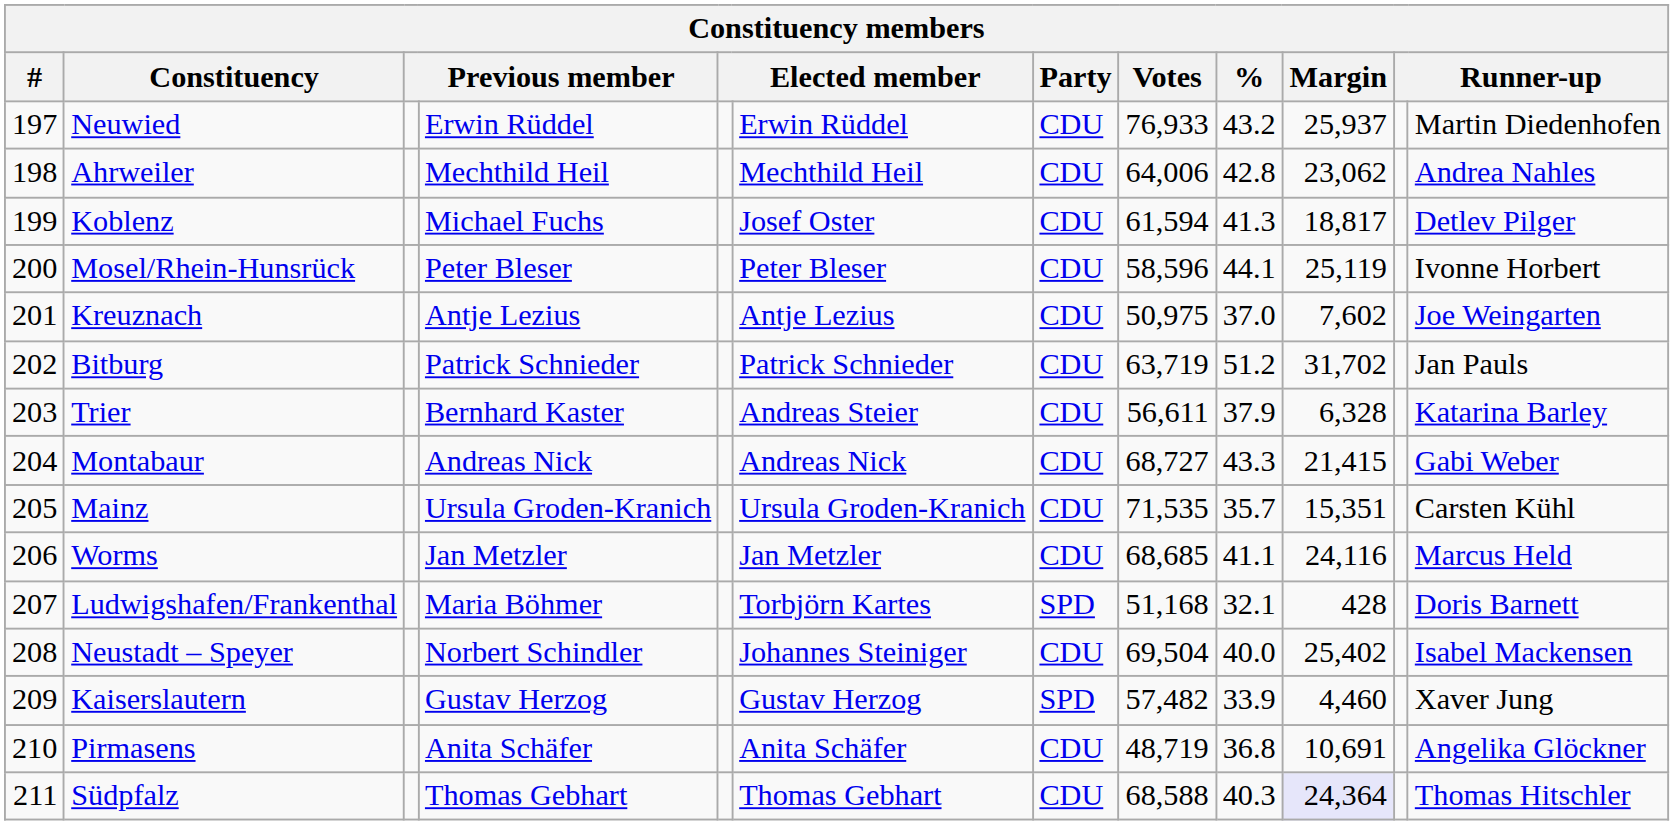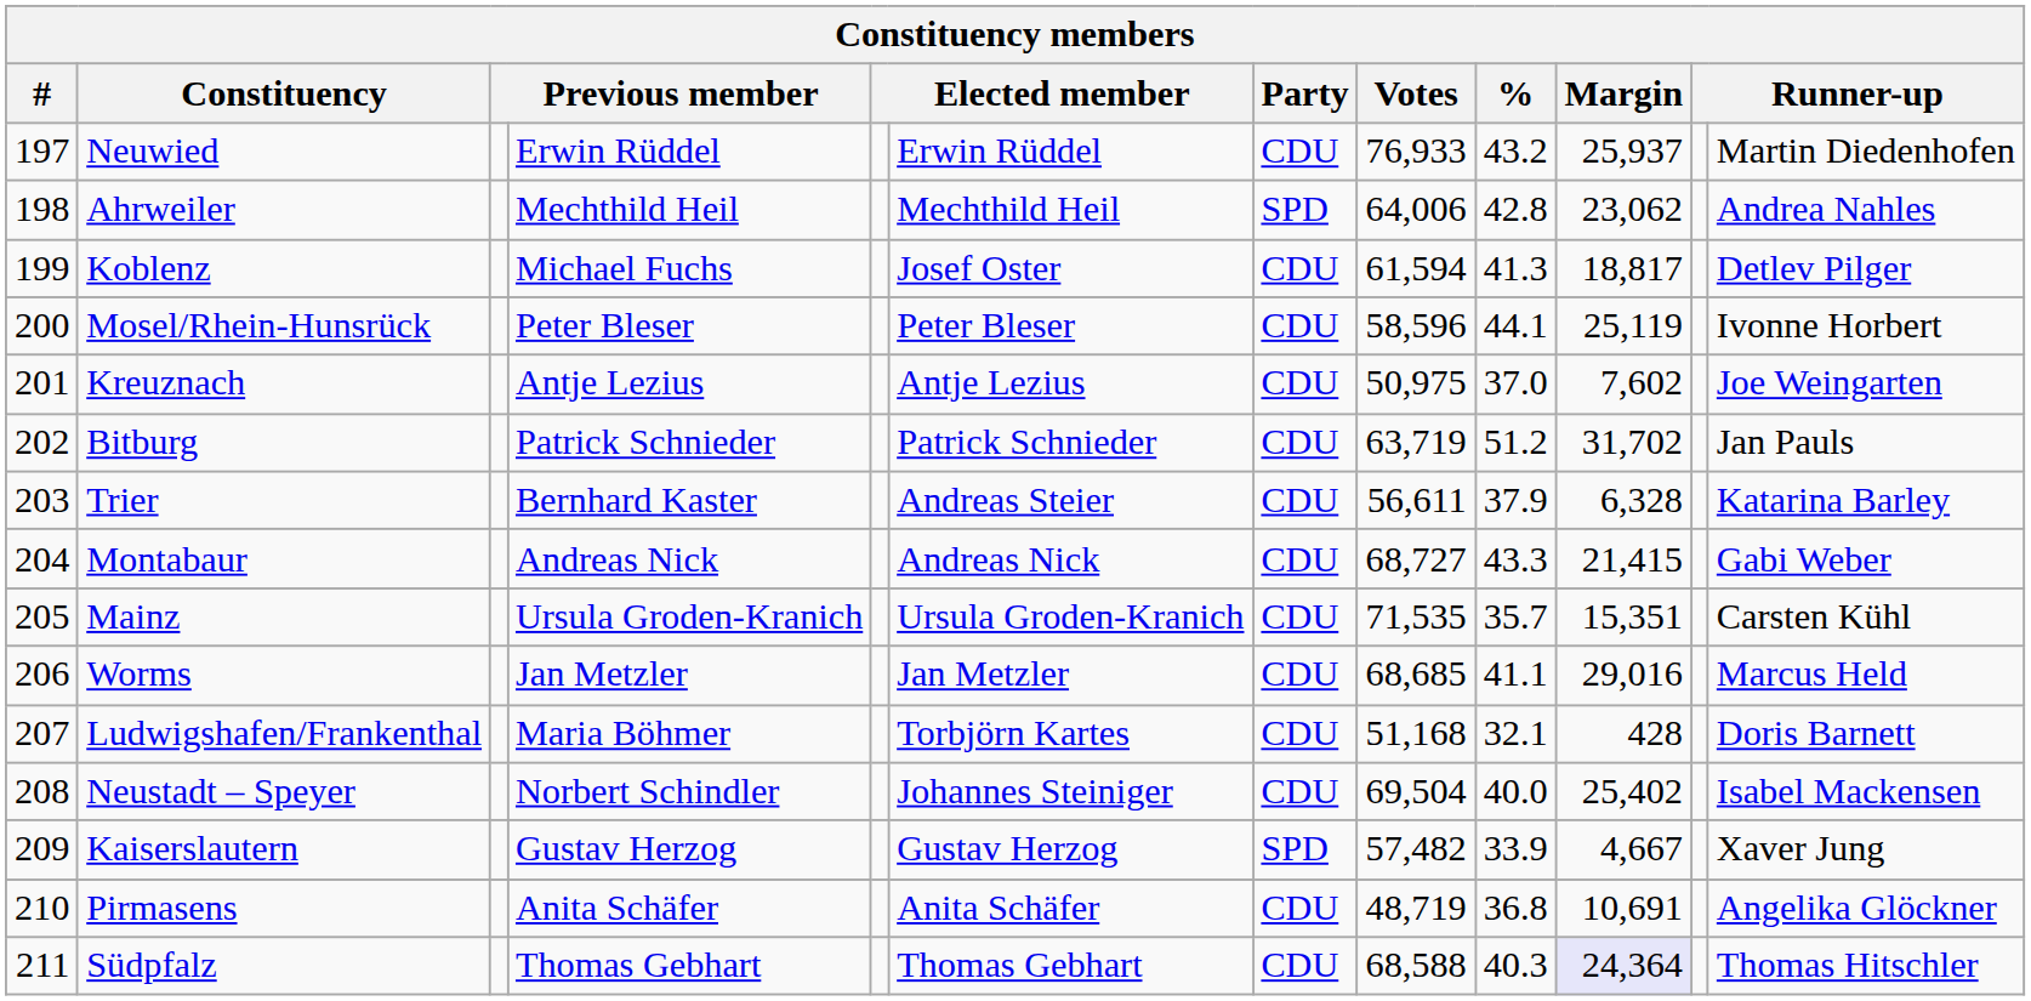 <table class="wikitable sortable" style="text-align:right">
 <tr>
 <th colspan="12">Constituency members</th>
 </tr>
 <tr>
 <th>#</th>
 <th>Constituency</th>
 <th colspan="2">Previous member</th>
 <th colspan="2">Elected member</th>
 <th>Party</th>
 <th>Votes</th>
 <th>%</th>
 <th>Margin</th>
 <th colspan="2">Runner-up</th>
 </tr>
 <tr>
 <td>197</td>
 <td align=left><a href='#'>Neuwied</a></td>
 <td bgcolor=></td>
 <td align=left><a href='#'>Erwin Rüddel</a></td>
 <td bgcolor=></td>
 <td align=left><a href='#'>Erwin Rüddel</a></td>
 <td align=left><a href='#'>CDU</a></td>
 <td>76,933</td>
 <td>43.2</td>
 <td>25,937</td>
 <td bgcolor=></td>
 <td align=left>Martin Diedenhofen</td>
 </tr>
 <tr>
 <td>198</td>
 <td align=left><a href='#'>Ahrweiler</a></td>
 <td bgcolor=></td>
 <td align=left><a href='#'>Mechthild Heil</a></td>
 <td bgcolor=></td>
 <td align=left><a href='#'>Mechthild Heil</a></td>
-<td align=left><a href='#'>CDU</a></td>
+<td align=left><a href='#'>SPD</a></td>
 <td>64,006</td>
 <td>42.8</td>
 <td>23,062</td>
 <td bgcolor=></td>
 <td align=left><a href='#'>Andrea Nahles</a></td>
 </tr>
 <tr>
 <td>199</td>
 <td align=left><a href='#'>Koblenz</a></td>
 <td bgcolor=></td>
 <td align=left><a href='#'>Michael Fuchs</a></td>
 <td bgcolor=></td>
 <td align=left><a href='#'>Josef Oster</a></td>
 <td align=left><a href='#'>CDU</a></td>
 <td>61,594</td>
 <td>41.3</td>
 <td>18,817</td>
 <td bgcolor=></td>
 <td align=left><a href='#'>Detlev Pilger</a></td>
 </tr>
 <tr>
 <td>200</td>
 <td align=left><a href='#'>Mosel/Rhein-Hunsrück</a></td>
 <td bgcolor=></td>
 <td align=left><a href='#'>Peter Bleser</a></td>
 <td bgcolor=></td>
 <td align=left><a href='#'>Peter Bleser</a></td>
 <td align=left><a href='#'>CDU</a></td>
 <td>58,596</td>
 <td>44.1</td>
 <td>25,119</td>
 <td bgcolor=></td>
 <td align=left>Ivonne Horbert</td>
 </tr>
 <tr>
 <td>201</td>
 <td align=left><a href='#'>Kreuznach</a></td>
 <td bgcolor=></td>
 <td align=left><a href='#'>Antje Lezius</a></td>
 <td bgcolor=></td>
 <td align=left><a href='#'>Antje Lezius</a></td>
 <td align=left><a href='#'>CDU</a></td>
 <td>50,975</td>
 <td>37.0</td>
 <td>7,602</td>
 <td bgcolor=></td>
 <td align=left><a href='#'>Joe Weingarten</a></td>
 </tr>
 <tr>
 <td>202</td>
 <td align=left><a href='#'>Bitburg</a></td>
 <td bgcolor=></td>
 <td align=left><a href='#'>Patrick Schnieder</a></td>
 <td bgcolor=></td>
 <td align=left><a href='#'>Patrick Schnieder</a></td>
 <td align=left><a href='#'>CDU</a></td>
 <td>63,719</td>
 <td>51.2</td>
 <td>31,702</td>
 <td bgcolor=></td>
 <td align=left>Jan Pauls</td>
 </tr>
 <tr>
 <td>203</td>
 <td align=left><a href='#'>Trier</a></td>
 <td bgcolor=></td>
 <td align=left><a href='#'>Bernhard Kaster</a></td>
 <td></td>
 <td align=left><a href='#'>Andreas Steier</a></td>
 <td align=left><a href='#'>CDU</a></td>
 <td>56,611</td>
 <td>37.9</td>
 <td>6,328</td>
 <td bgcolor=></td>
 <td align=left><a href='#'>Katarina Barley</a></td>
 </tr>
 <tr>
 <td>204</td>
 <td align=left><a href='#'>Montabaur</a></td>
 <td bgcolor=></td>
 <td align=left><a href='#'>Andreas Nick</a></td>
 <td bgcolor=></td>
 <td align=left><a href='#'>Andreas Nick</a></td>
 <td align=left><a href='#'>CDU</a></td>
 <td>68,727</td>
 <td>43.3</td>
 <td>21,415</td>
 <td bgcolor=></td>
 <td align=left><a href='#'>Gabi Weber</a></td>
 </tr>
 <tr>
 <td>205</td>
 <td align=left><a href='#'>Mainz</a></td>
 <td bgcolor=></td>
 <td align=left><a href='#'>Ursula Groden-Kranich</a></td>
 <td bgcolor=></td>
 <td align=left><a href='#'>Ursula Groden-Kranich</a></td>
 <td align=left><a href='#'>CDU</a></td>
 <td>71,535</td>
 <td>35.7</td>
 <td>15,351</td>
 <td bgcolor=></td>
 <td align=left>Carsten Kühl</td>
 </tr>
 <tr>
 <td>206</td>
 <td align=left><a href='#'>Worms</a></td>
 <td bgcolor=></td>
 <td align=left><a href='#'>Jan Metzler</a></td>
 <td bgcolor=></td>
 <td align=left><a href='#'>Jan Metzler</a></td>
 <td align=left><a href='#'>CDU</a></td>
 <td>68,685</td>
 <td>41.1</td>
-<td>24,116</td>
+<td>29,016</td>
 <td bgcolor=></td>
 <td align=left><a href='#'>Marcus Held</a></td>
 </tr>
 <tr>
 <td>207</td>
 <td align=left><a href='#'>Ludwigshafen/Frankenthal</a></td>
 <td bgcolor=></td>
 <td align=left><a href='#'>Maria Böhmer</a></td>
 <td bgcolor=></td>
 <td align=left><a href='#'>Torbjörn Kartes</a></td>
-<td align=left><a href='#'>SPD</a></td>
+<td align=left><a href='#'>CDU</a></td>
 <td>51,168</td>
 <td>32.1</td>
 <td>428</td>
 <td bgcolor=></td>
 <td align=left><a href='#'>Doris Barnett</a></td>
 </tr>
 <tr>
 <td>208</td>
 <td align=left><a href='#'>Neustadt – Speyer</a></td>
 <td bgcolor=></td>
 <td align=left><a href='#'>Norbert Schindler</a></td>
 <td></td>
 <td align=left><a href='#'>Johannes Steiniger</a></td>
 <td align=left><a href='#'>CDU</a></td>
 <td>69,504</td>
 <td>40.0</td>
 <td>25,402</td>
 <td bgcolor=></td>
 <td align=left><a href='#'>Isabel Mackensen</a></td>
 </tr>
 <tr>
 <td>209</td>
 <td align=left><a href='#'>Kaiserslautern</a></td>
 <td bgcolor=></td>
 <td align=left><a href='#'>Gustav Herzog</a></td>
 <td bgcolor=></td>
 <td align=left><a href='#'>Gustav Herzog</a></td>
 <td align=left><a href='#'>SPD</a></td>
 <td>57,482</td>
 <td>33.9</td>
-<td>4,460</td>
+<td>4,667</td>
 <td bgcolor=></td>
 <td align=left>Xaver Jung</td>
 </tr>
 <tr>
 <td>210</td>
 <td align=left><a href='#'>Pirmasens</a></td>
 <td bgcolor=></td>
 <td align=left><a href='#'>Anita Schäfer</a></td>
 <td bgcolor=></td>
 <td align=left><a href='#'>Anita Schäfer</a></td>
 <td align=left><a href='#'>CDU</a></td>
 <td>48,719</td>
 <td>36.8</td>
 <td>10,691</td>
 <td bgcolor=></td>
 <td align=left><a href='#'>Angelika Glöckner</a></td>
 </tr>
 <tr>
 <td>211</td>
 <td align=left><a href='#'>Südpfalz</a></td>
 <td bgcolor=></td>
 <td align=left><a href='#'>Thomas Gebhart</a></td>
 <td bgcolor=></td>
 <td align=left><a href='#'>Thomas Gebhart</a></td>
 <td align=left><a href='#'>CDU</a></td>
 <td>68,588</td>
 <td>40.3</td>
 <td style="background: lavender;">24,364</td>
 <td bgcolor=></td>
 <td align=left><a href='#'>Thomas Hitschler</a></td>
 </tr>
 </table>
